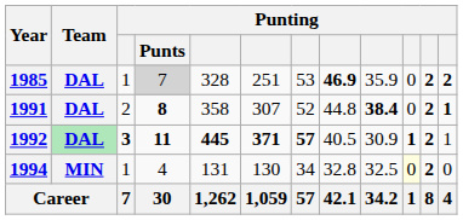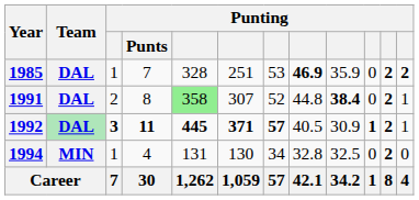 <table class=wikitable style="text-align:center;">
 <tr>
 <th rowspan="2">Year</th>
 <th rowspan="2">Team</th>
 <th colspan="10">Punting</th>
 </tr>
 <tr>
 <th></th>
 <th>Punts</th>
 <th></th>
 <th></th>
 <th></th>
 <th></th>
 <th></th>
 <th></th>
 <th></th>
 <th></th>
 </tr>
 <tr>
 <th><a href='#'>1985</a></th>
 <th><a href='#'>DAL</a></th>
 <td>1</td>
-<td style="background: lightgrey;">7</td>
+<td>7</td>
 <td>328</td>
 <td>251</td>
 <td>53</td>
 <td><strong>46.9</strong></td>
 <td>35.9</td>
 <td>0</td>
 <td><strong>2</strong></td>
 <td><strong>2</strong></td>
 </tr>
 <tr>
 <th><a href='#'>1991</a></th>
 <th><a href='#'>DAL</a></th>
 <td>2</td>
-<td><strong>8</strong></td>
-<td>358</td>
+<td>8</td>
+<td style="background: lightgreen;">358</td>
 <td>307</td>
 <td>52</td>
 <td>44.8</td>
 <td><strong>38.4</strong></td>
 <td>0</td>
 <td><strong>2</strong></td>
-<td><strong>1</strong></td>
+<td>1</td>
 </tr>
 <tr>
 <th><a href='#'>1992</a></th>
 <th style="background:#afe6ba; width:3em;"><a href='#'>DAL</a></th>
 <td><strong>3</strong></td>
 <td><strong>11</strong></td>
 <td><strong>445</strong></td>
 <td><strong>371</strong></td>
 <td><strong>57</strong></td>
 <td>40.5</td>
 <td>30.9</td>
 <td><strong>1</strong></td>
 <td><strong>2</strong></td>
 <td>1</td>
 </tr>
 <tr>
 <th><a href='#'>1994</a></th>
 <th><a href='#'>MIN</a></th>
 <td>1</td>
 <td>4</td>
 <td>131</td>
 <td>130</td>
 <td>34</td>
 <td>32.8</td>
 <td>32.5</td>
-<td style="background: lightyellow;">0</td>
+<td>0</td>
 <td><strong>2</strong></td>
 <td>0</td>
 </tr>
 <tr>
 <th colspan="2">Career</th>
 <th>7</th>
 <th>30</th>
 <th>1,262</th>
 <th>1,059</th>
 <th>57</th>
 <th>42.1</th>
 <th>34.2</th>
 <th>1</th>
 <th>8</th>
 <th>4</th>
 </tr>
 </table>
